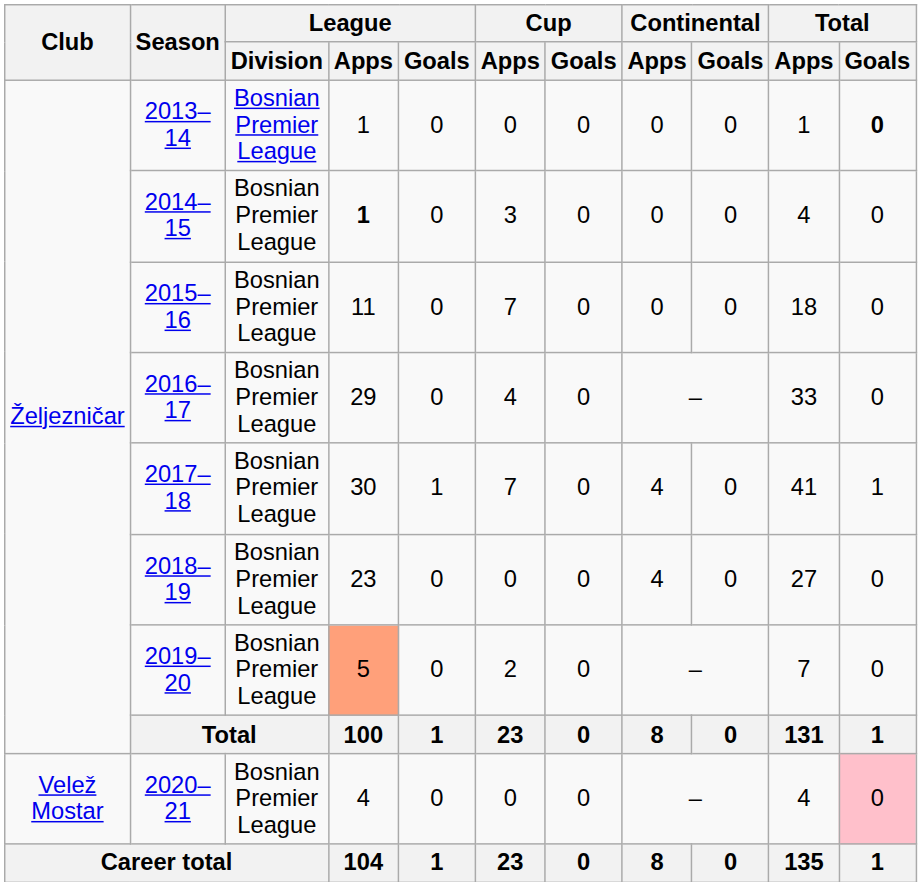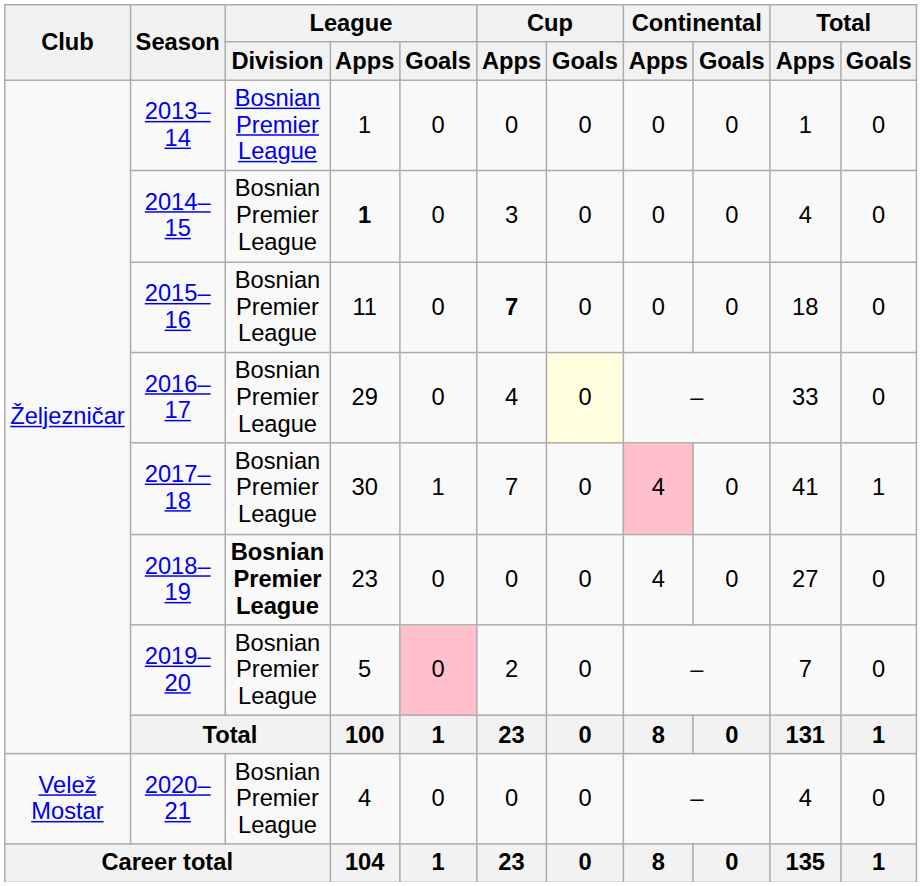 <table class="wikitable" style="text-align:center">
 <tr>
 <th rowspan="2">Club</th>
 <th rowspan="2">Season</th>
 <th colspan="3">League</th>
 <th colspan="2">Cup</th>
 <th colspan="2">Continental</th>
 <th colspan="2">Total</th>
 </tr>
 <tr>
 <th>Division</th>
 <th>Apps</th>
 <th>Goals</th>
 <th>Apps</th>
 <th>Goals</th>
 <th>Apps</th>
 <th>Goals</th>
 <th>Apps</th>
 <th>Goals</th>
 </tr>
 <tr>
 <td rowspan="8"><a href='#'>Željezničar</a></td>
 <td><a href='#'>2013–14</a></td>
 <td><a href='#'>Bosnian Premier League</a></td>
 <td>1</td>
 <td>0</td>
 <td>0</td>
 <td>0</td>
 <td>0</td>
 <td>0</td>
 <td>1</td>
-<td><strong>0</strong></td>
+<td>0</td>
 </tr>
 <tr>
 <td><a href='#'>2014–15</a></td>
 <td>Bosnian Premier League</td>
 <td><strong>1</strong></td>
 <td>0</td>
 <td>3</td>
 <td>0</td>
 <td>0</td>
 <td>0</td>
 <td>4</td>
 <td>0</td>
 </tr>
 <tr>
 <td><a href='#'>2015–16</a></td>
 <td>Bosnian Premier League</td>
 <td>11</td>
 <td>0</td>
-<td>7</td>
+<td><strong>7</strong></td>
 <td>0</td>
 <td>0</td>
 <td>0</td>
 <td>18</td>
 <td>0</td>
 </tr>
 <tr>
 <td><a href='#'>2016–17</a></td>
 <td>Bosnian Premier League</td>
 <td>29</td>
 <td>0</td>
 <td>4</td>
-<td>0</td>
+<td style="background: lightyellow;">0</td>
 <td colspan="2">–</td>
 <td>33</td>
 <td>0</td>
 </tr>
 <tr>
 <td><a href='#'>2017–18</a></td>
 <td>Bosnian Premier League</td>
 <td>30</td>
 <td>1</td>
 <td>7</td>
 <td>0</td>
-<td>4</td>
+<td style="background: pink;">4</td>
 <td>0</td>
 <td>41</td>
 <td>1</td>
 </tr>
 <tr>
 <td><a href='#'>2018–19</a></td>
-<td>Bosnian Premier League</td>
+<td><strong>Bosnian Premier League</strong></td>
 <td>23</td>
 <td>0</td>
 <td>0</td>
 <td>0</td>
 <td>4</td>
 <td>0</td>
 <td>27</td>
 <td>0</td>
 </tr>
 <tr>
 <td><a href='#'>2019–20</a></td>
 <td>Bosnian Premier League</td>
-<td style="background: lightsalmon;">5</td>
-<td>0</td>
+<td>5</td>
+<td style="background: pink;">0</td>
 <td>2</td>
 <td>0</td>
 <td colspan="2">–</td>
 <td>7</td>
 <td>0</td>
 </tr>
 <tr>
 <th colspan="2">Total</th>
 <th>100</th>
 <th>1</th>
 <th>23</th>
 <th>0</th>
 <th>8</th>
 <th>0</th>
 <th>131</th>
 <th>1</th>
 </tr>
 <tr>
 <td><a href='#'>Velež Mostar</a></td>
 <td><a href='#'>2020–21</a></td>
 <td>Bosnian Premier League</td>
 <td>4</td>
 <td>0</td>
 <td>0</td>
 <td>0</td>
 <td colspan="2">–</td>
 <td>4</td>
-<td style="background: pink;">0</td>
+<td>0</td>
 </tr>
 <tr>
 <th colspan="3">Career total</th>
 <th>104</th>
 <th>1</th>
 <th>23</th>
 <th>0</th>
 <th>8</th>
 <th>0</th>
 <th>135</th>
 <th>1</th>
 </tr>
 </table>
